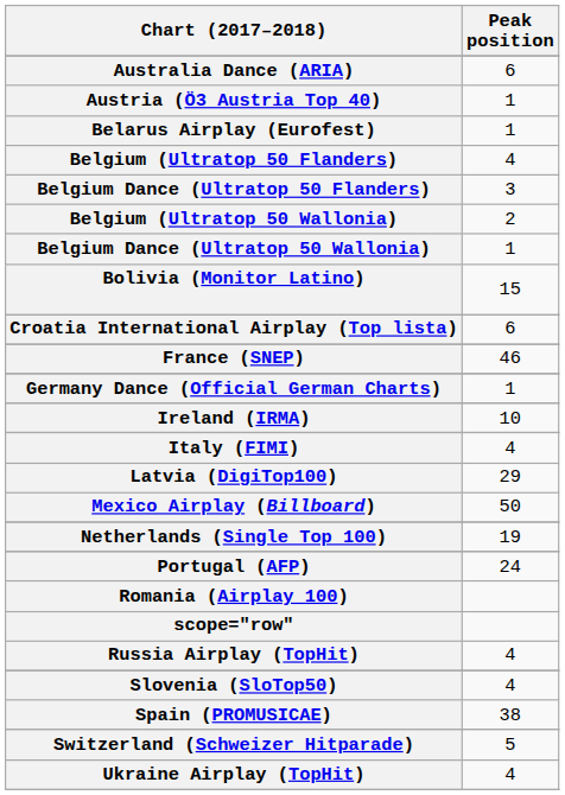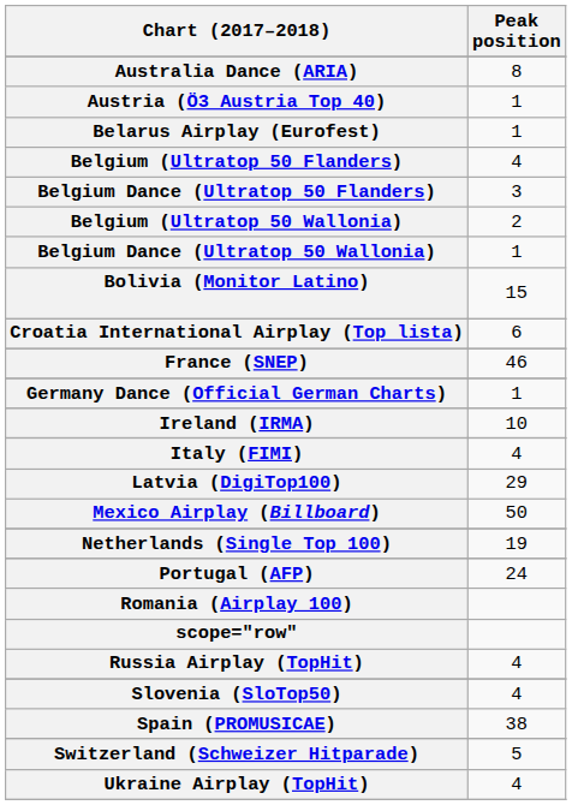 <table class="wikitable sortable plainrowheaders" style="text-align:center;">
 <tr>
 <th>Chart (2017–2018)</th>
 <th>Peak<br>position</th>
 </tr>
 <tr>
 </tr>
 <tr>
 <th scope="row">Australia Dance (<a href='#'>ARIA</a>)</th>
-<td>6</td>
+<td>8</td>
 </tr>
 <tr>
 <th scope="row">Austria (<a href='#'>Ö3 Austria Top 40</a>)</th>
 <td>1</td>
 </tr>
 <tr>
 <th scope="row">Belarus Airplay (Eurofest)</th>
 <td>1</td>
 </tr>
 <tr>
 <th scope="row">Belgium (<a href='#'>Ultratop 50 Flanders</a>)</th>
 <td>4</td>
 </tr>
 <tr>
 <th scope="row">Belgium Dance (<a href='#'>Ultratop 50 Flanders</a>)</th>
 <td>3</td>
 </tr>
 <tr>
 <th scope="row">Belgium (<a href='#'>Ultratop 50 Wallonia</a>)</th>
 <td>2</td>
 </tr>
 <tr>
 <th scope="row">Belgium Dance (<a href='#'>Ultratop 50 Wallonia</a>)</th>
 <td>1</td>
 </tr>
 <tr>
 <th scope="row">Bolivia (<a href='#'>Monitor Latino</a>)<br><br></th>
 <td>15</td>
 </tr>
 <tr>
 </tr>
 <tr>
 </tr>
 <tr>
 <th scope="row">Croatia International Airplay (<a href='#'>Top lista</a>)</th>
 <td>6</td>
 </tr>
 <tr>
 </tr>
 <tr>
 </tr>
 <tr>
 </tr>
 <tr>
 </tr>
 <tr>
 <th scope="row">France (<a href='#'>SNEP</a>)</th>
 <td>46</td>
 </tr>
 <tr>
 </tr>
 <tr>
 <th scope="row">Germany Dance (<a href='#'>Official German Charts</a>)</th>
 <td>1</td>
 </tr>
 <tr>
 </tr>
 <tr>
 </tr>
 <tr>
 </tr>
 <tr>
 </tr>
 <tr>
 <th scope="row">Ireland (<a href='#'>IRMA</a>)</th>
 <td>10</td>
 </tr>
 <tr>
 </tr>
 <tr>
 <th scope="row">Italy (<a href='#'>FIMI</a>)</th>
 <td>4</td>
 </tr>
 <tr>
 <th scope="row">Latvia (<a href='#'>DigiTop100</a>)</th>
 <td>29</td>
 </tr>
 <tr>
 <th scope="row"><a href='#'>Mexico Airplay</a> (<em><a href='#'>Billboard</a></em>)</th>
 <td>50</td>
 </tr>
 <tr>
 </tr>
 <tr>
 <th scope="row">Netherlands (<a href='#'>Single Top 100</a>)</th>
 <td>19</td>
 </tr>
 <tr>
 </tr>
 <tr>
 </tr>
 <tr>
 </tr>
 <tr>
 </tr>
 <tr>
 <th scope="row">Portugal (<a href='#'>AFP</a>)</th>
 <td>24</td>
 </tr>
 <tr>
 <th scope="row">Romania (<a href='#'>Airplay 100</a>)</th>
 <td></td>
 </tr>
 <tr>
 <th>scope="row"</th>
 </tr>
 <tr>
 <th scope="row">Russia Airplay (<a href='#'>TopHit</a>)</th>
 <td>4</td>
 </tr>
 <tr>
 </tr>
 <tr>
 </tr>
 <tr>
 </tr>
 <tr>
 <th scope="row">Slovenia (<a href='#'>SloTop50</a>)</th>
 <td>4</td>
 </tr>
 <tr>
 <th scope="row">Spain (<a href='#'>PROMUSICAE</a>)</th>
 <td>38</td>
 </tr>
 <tr>
 </tr>
 <tr>
 <th scope="row">Switzerland (<a href='#'>Schweizer Hitparade</a>)</th>
 <td>5</td>
 </tr>
 <tr>
 <th scope="row">Ukraine Airplay (<a href='#'>TopHit</a>)</th>
 <td>4</td>
 </tr>
 <tr>
 </tr>
 <tr>
 </tr>
 <tr>
 </tr>
 <tr>
 </tr>
 </table>
